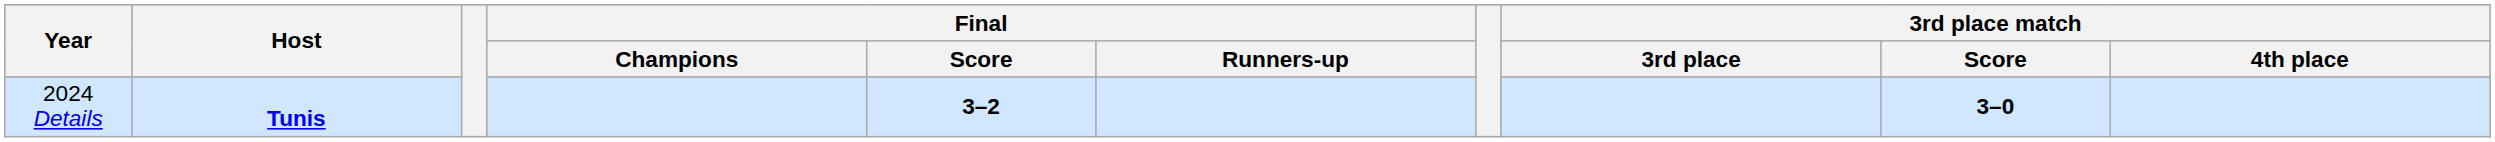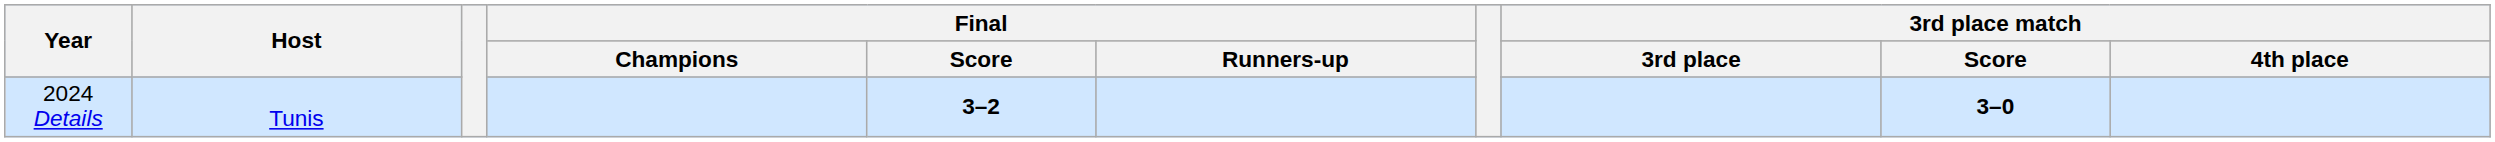 <table class="wikitable" style="font-size:90%; width:100%; text-align:center;">
 <tr bgcolor=#c1d8ff>
 <th rowspan=2 width=5%>Year</th>
 <th rowspan=2 width=13%>Host</th>
 <th width=1% rowspan=3 bgcolor=#ffffff></th>
 <th colspan=3>Final</th>
 <th width=1% rowspan=3 bgcolor=#ffffff></th>
 <th colspan=3>3rd place match</th>
 </tr>
 <tr bgcolor=#efefef>
 <th width=15%>Champions</th>
 <th width=9%>Score</th>
 <th width=15%>Runners-up</th>
 <th width=15%>3rd place</th>
 <th width=9%>Score</th>
 <th width=15%>4th place</th>
 </tr>
 <tr bgcolor=#d0e7ff>
 <td>2024<br><em><a href='#'>Details</a></em></td>
-<td><strong><br><a href='#'>Tunis</a></strong></td>
+<td><br><a href='#'>Tunis</a></td>
 <td><strong></strong></td>
 <td><strong>3–2</strong></td>
 <td></td>
 <td></td>
 <td><strong>3–0</strong></td>
 <td></td>
 </tr>
 </table>
